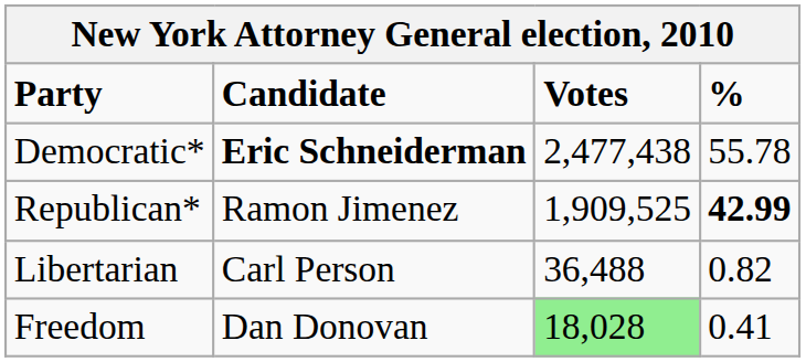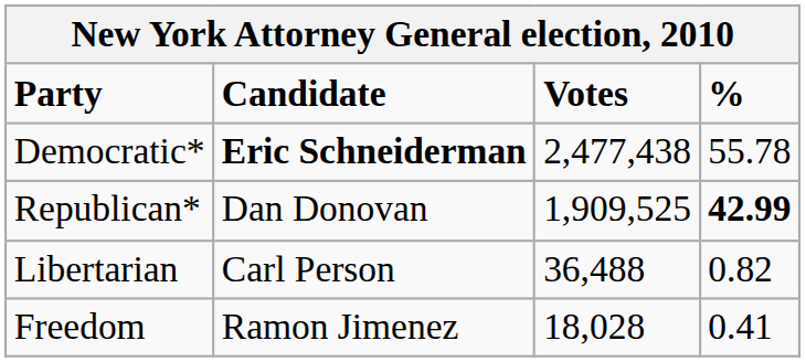 <table class="wikitable">
 <tr>
 <th colspan="4">New York Attorney General election, 2010</th>
 </tr>
 <tr>
 <td><strong>Party</strong></td>
 <td><strong>Candidate</strong></td>
 <td><strong>Votes</strong></td>
 <td><strong>%</strong></td>
 </tr>
 <tr>
 <td>Democratic*</td>
 <td><strong>Eric Schneiderman</strong></td>
 <td>2,477,438</td>
 <td>55.78</td>
 </tr>
 <tr>
 <td>Republican*</td>
-<td>Ramon Jimenez</td>
+<td>Dan Donovan</td>
 <td>1,909,525</td>
 <td><strong>42.99</strong></td>
 </tr>
 <tr>
 <td>Libertarian</td>
 <td>Carl Person</td>
 <td>36,488</td>
 <td>0.82</td>
 </tr>
 <tr>
 <td>Freedom</td>
-<td>Dan Donovan</td>
-<td style="background: lightgreen;">18,028</td>
+<td>Ramon Jimenez</td>
+<td>18,028</td>
 <td>0.41</td>
 </tr>
 </table>
